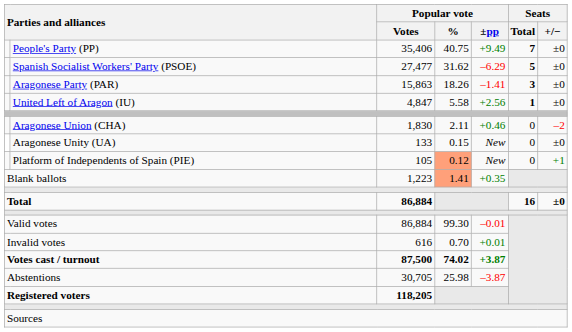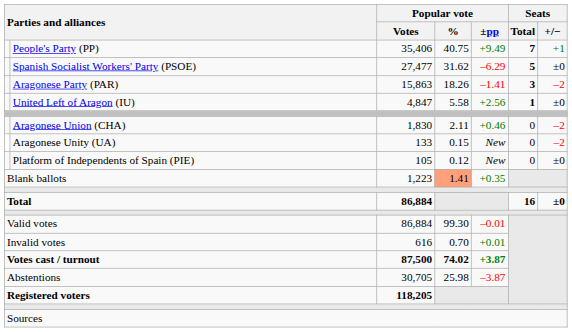 <table class="wikitable" style="text-align:right;">
 <tr>
 <th style="text-align:left;" rowspan="2" colspan="2" width="525">Parties and alliances</th>
 <th colspan="3">Popular vote</th>
 <th colspan="2">Seats</th>
 </tr>
 <tr>
 <th width="75">Votes</th>
 <th width="45">%</th>
 <th width="45">±<a href='#'>pp</a></th>
 <th width="35">Total</th>
 <th width="35">+/−</th>
 </tr>
 <tr>
 <td width="1" style="color:inherit;background:"></td>
 <td align="left"><a href='#'>People's Party</a> (PP)</td>
 <td>35,406</td>
 <td>40.75</td>
 <td style="color:green;">+9.49</td>
 <td><strong>7</strong></td>
-<td>±0</td>
+<td style="color:green;">+1</td>
 </tr>
 <tr>
 <td style="color:inherit;background:"></td>
 <td align="left"><a href='#'>Spanish Socialist Workers' Party</a> (PSOE)</td>
 <td>27,477</td>
 <td>31.62</td>
 <td style="color:red;">–6.29</td>
 <td><strong>5</strong></td>
 <td>±0</td>
 </tr>
 <tr>
 <td style="color:inherit;background:"></td>
 <td align="left"><a href='#'>Aragonese Party</a> (PAR)</td>
 <td>15,863</td>
 <td>18.26</td>
 <td style="color:red;">–1.41</td>
 <td><strong>3</strong></td>
-<td>±0</td>
+<td style="color:red;">–2</td>
 </tr>
 <tr>
 <td style="color:inherit;background:"></td>
 <td align="left"><a href='#'>United Left of Aragon</a> (IU)</td>
 <td>4,847</td>
 <td>5.58</td>
 <td style="color:green;">+2.56</td>
 <td><strong>1</strong></td>
 <td>±0</td>
 </tr>
 <tr>
 <td colspan="7" bgcolor="#C0C0C0"></td>
 </tr>
 <tr>
 <td style="color:inherit;background:"></td>
 <td align="left"><a href='#'>Aragonese Union</a> (CHA)</td>
 <td>1,830</td>
 <td>2.11</td>
 <td style="color:green;">+0.46</td>
 <td>0</td>
 <td style="color:red;">–2</td>
 </tr>
 <tr>
 <td bgcolor="white"></td>
 <td align="left">Aragonese Unity (UA)</td>
 <td>133</td>
 <td>0.15</td>
 <td><em>New</em></td>
 <td>0</td>
-<td>±0</td>
+<td style="color:red;">–2</td>
 </tr>
 <tr>
 <td style="color:inherit;background:"></td>
 <td align="left">Platform of Independents of Spain (PIE)</td>
 <td>105</td>
-<td style="background: lightsalmon;">0.12</td>
+<td>0.12</td>
 <td><em>New</em></td>
 <td>0</td>
-<td style="color:green;">+1</td>
+<td>±0</td>
 </tr>
 <tr>
 <td align="left" colspan="2">Blank ballots</td>
 <td>1,223</td>
 <td style="background: lightsalmon;">1.41</td>
 <td style="color:green;">+0.35</td>
 <td bgcolor="#E9E9E9" colspan="2"></td>
 </tr>
 <tr>
 <td colspan="7" bgcolor="#E9E9E9"></td>
 </tr>
 <tr style="font-weight:bold;">
 <td align="left" colspan="2">Total</td>
 <td>86,884</td>
 <td bgcolor="#E9E9E9" colspan="2"></td>
 <td>16</td>
 <td>±0</td>
 </tr>
 <tr>
 <td colspan="7" bgcolor="#E9E9E9"></td>
 </tr>
 <tr>
 <td align="left" colspan="2">Valid votes</td>
 <td>86,884</td>
 <td>99.30</td>
 <td style="color:red;">–0.01</td>
 <td bgcolor="#E9E9E9" colspan="2" rowspan="5"></td>
 </tr>
 <tr>
 <td align="left" colspan="2">Invalid votes</td>
 <td>616</td>
 <td>0.70</td>
 <td style="color:green;">+0.01</td>
 </tr>
 <tr style="font-weight:bold;">
 <td align="left" colspan="2">Votes cast / turnout</td>
 <td>87,500</td>
 <td>74.02</td>
 <td style="color:green;">+3.87</td>
 </tr>
 <tr>
 <td align="left" colspan="2">Abstentions</td>
 <td>30,705</td>
 <td>25.98</td>
 <td style="color:red;">–3.87</td>
 </tr>
 <tr style="font-weight:bold;">
 <td align="left" colspan="2">Registered voters</td>
 <td>118,205</td>
 <td bgcolor="#E9E9E9" colspan="2"></td>
 </tr>
 <tr>
 <td colspan="7" bgcolor="#E9E9E9"></td>
 </tr>
 <tr>
 <td align="left" colspan="7">Sources</td>
 </tr>
 </table>
